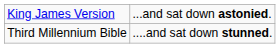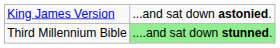 <table class="wikitable">
 <tr>
 <td><a href='#'>King James Version</a></td>
 <td>...and sat down <strong>astonied</strong>.</td>
 </tr>
 <tr>
 <td>Third Millennium Bible</td>
-<td>....and sat down <strong>stunned</strong>.</td>
+<td style="background: lightgreen;">....and sat down <strong>stunned</strong>.</td>
 </tr>
 </table>
